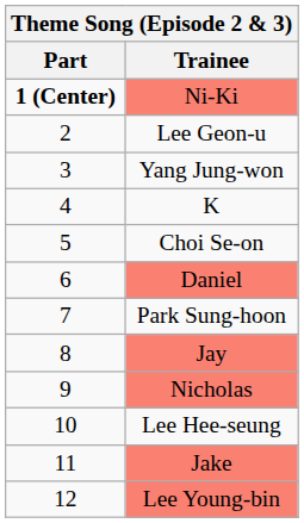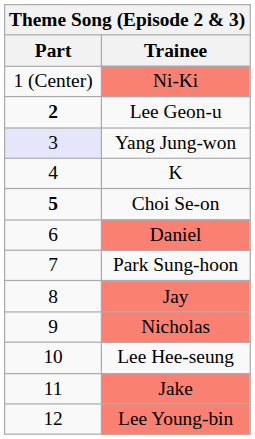 <table class="wikitable" style="text-align:center">
 <tr>
 <th colspan="2">Theme Song (Episode 2 & 3)</th>
 </tr>
 <tr>
 <th>Part</th>
 <th>Trainee</th>
 </tr>
 <tr>
-<td><strong>1 (Center)</strong></td>
+<td>1 (Center)</td>
 <td style="background:salmon;">Ni-Ki</td>
 </tr>
 <tr>
-<td>2</td>
+<td><strong>2</strong></td>
 <td>Lee Geon-u</td>
 </tr>
 <tr>
-<td>3</td>
+<td style="background: lavender;">3</td>
 <td>Yang Jung-won</td>
 </tr>
 <tr>
 <td>4</td>
 <td>K</td>
 </tr>
 <tr>
-<td>5</td>
+<td><strong>5</strong></td>
 <td>Choi Se-on</td>
 </tr>
 <tr>
 <td>6</td>
 <td style="background:salmon;">Daniel</td>
 </tr>
 <tr>
 <td>7</td>
 <td>Park Sung-hoon</td>
 </tr>
 <tr>
 <td>8</td>
 <td style="background:salmon;">Jay</td>
 </tr>
 <tr>
 <td>9</td>
 <td style="background:salmon;">Nicholas</td>
 </tr>
 <tr>
 <td>10</td>
 <td>Lee Hee-seung</td>
 </tr>
 <tr>
 <td>11</td>
 <td style="background:salmon;">Jake</td>
 </tr>
 <tr>
 <td>12</td>
 <td style="background:salmon;">Lee Young-bin</td>
 </tr>
 </table>
